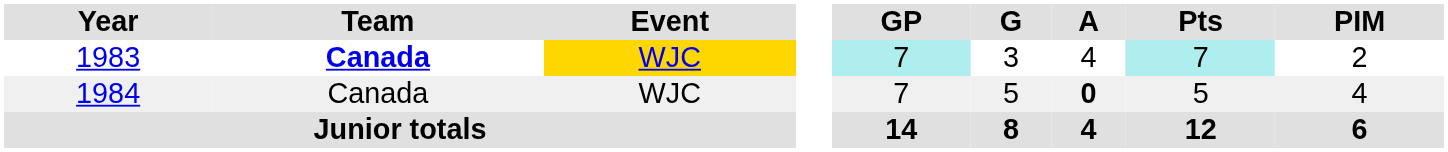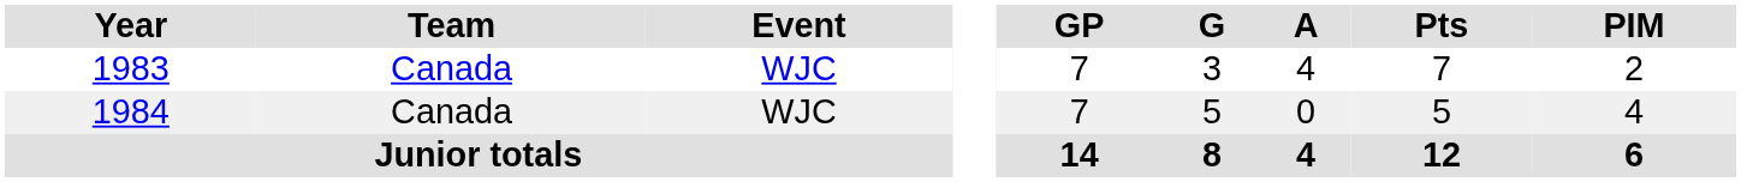 <table border="0" cellpadding="1" cellspacing="0" style="text-align:center; width:50em">
 <tr ALIGN="center" bgcolor="#e0e0e0">
 <th>Year</th>
 <th>Team</th>
 <th>Event</th>
 <th ALIGN="center" rowspan="99" bgcolor="#ffffff"> </th>
 <th>GP</th>
 <th>G</th>
 <th>A</th>
 <th>Pts</th>
 <th>PIM</th>
 </tr>
 <tr>
 <td><a href='#'>1983</a></td>
-<td><strong><a href='#'>Canada</a></strong></td>
-<td style="background: gold;"><a href='#'>WJC</a></td>
-<td style="background: paleturquoise;">7</td>
+<td><a href='#'>Canada</a></td>
+<td><a href='#'>WJC</a></td>
+<td>7</td>
 <td>3</td>
 <td>4</td>
-<td style="background: paleturquoise;">7</td>
+<td>7</td>
 <td>2</td>
 </tr>
 <tr bgcolor="#f0f0f0">
 <td><a href='#'>1984</a></td>
 <td>Canada</td>
 <td>WJC</td>
 <td>7</td>
 <td>5</td>
-<td><strong>0</strong></td>
+<td>0</td>
 <td>5</td>
 <td>4</td>
 </tr>
 <tr bgcolor="#e0e0e0">
 <th colspan=3>Junior totals</th>
 <th>14</th>
 <th>8</th>
 <th>4</th>
 <th>12</th>
 <th>6</th>
 </tr>
 </table>
